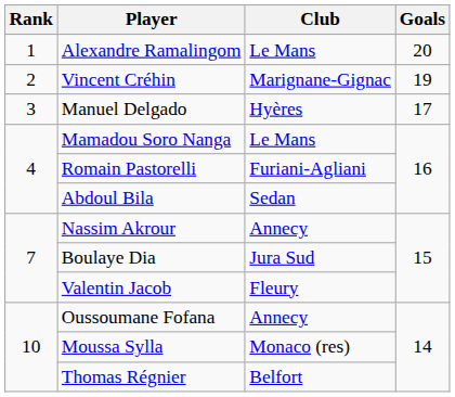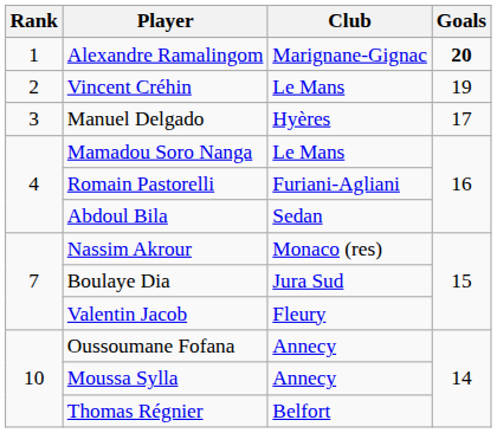 <table class="wikitable" style="text-align:center">
 <tr>
 <th>Rank</th>
 <th>Player</th>
 <th>Club</th>
 <th>Goals</th>
 </tr>
 <tr>
 <td>1</td>
 <td align=left> <a href='#'>Alexandre Ramalingom</a></td>
-<td align=left><a href='#'>Le Mans</a></td>
-<td>20</td>
+<td align=left><a href='#'>Marignane-Gignac</a></td>
+<td><strong>20</strong></td>
 </tr>
 <tr>
 <td>2</td>
 <td align=left> <a href='#'>Vincent Créhin</a></td>
-<td align=left><a href='#'>Marignane-Gignac</a></td>
+<td align=left><a href='#'>Le Mans</a></td>
 <td>19</td>
 </tr>
 <tr>
 <td>3</td>
 <td align=left> Manuel Delgado</td>
 <td align=left><a href='#'>Hyères</a></td>
 <td>17</td>
 </tr>
 <tr>
 <td rowspan=3>4</td>
 <td align=left> <a href='#'>Mamadou Soro Nanga</a></td>
 <td align=left><a href='#'>Le Mans</a></td>
 <td rowspan=3>16</td>
 </tr>
 <tr>
 <td align=left> <a href='#'>Romain Pastorelli</a></td>
 <td align=left><a href='#'>Furiani-Agliani</a></td>
 </tr>
 <tr>
 <td align=left> <a href='#'>Abdoul Bila</a></td>
 <td align=left><a href='#'>Sedan</a></td>
 </tr>
 <tr>
 <td rowspan=3>7</td>
 <td align=left> <a href='#'>Nassim Akrour</a></td>
-<td align=left><a href='#'>Annecy</a></td>
+<td align=left><a href='#'>Monaco</a> (res)</td>
 <td rowspan=3>15</td>
 </tr>
 <tr>
 <td align=left> Boulaye Dia</td>
 <td align=left><a href='#'>Jura Sud</a></td>
 </tr>
 <tr>
 <td align=left> <a href='#'>Valentin Jacob</a></td>
 <td align=left><a href='#'>Fleury</a></td>
 </tr>
 <tr>
 <td rowspan=3>10</td>
 <td align=left> Oussoumane Fofana</td>
 <td align=left><a href='#'>Annecy</a></td>
 <td rowspan=3>14</td>
 </tr>
 <tr>
 <td align=left> <a href='#'>Moussa Sylla</a></td>
-<td align=left><a href='#'>Monaco</a> (res)</td>
+<td align=left><a href='#'>Annecy</a></td>
 </tr>
 <tr>
 <td align=left> <a href='#'>Thomas Régnier</a></td>
 <td align=left><a href='#'>Belfort</a></td>
 </tr>
 </table>
